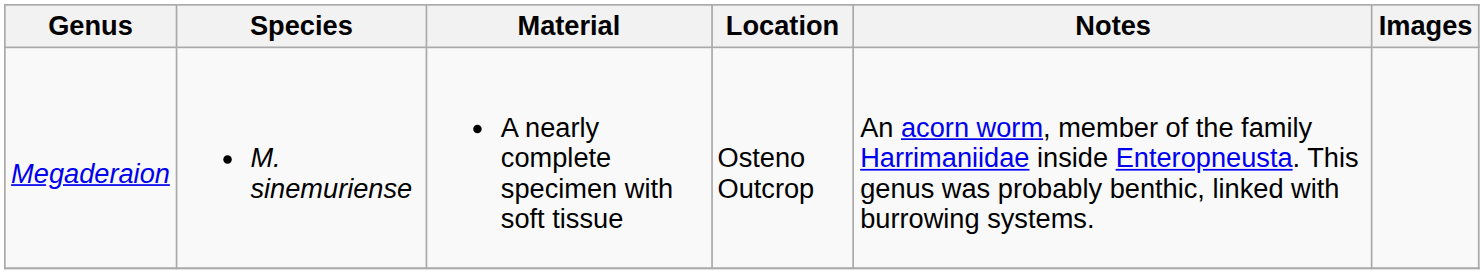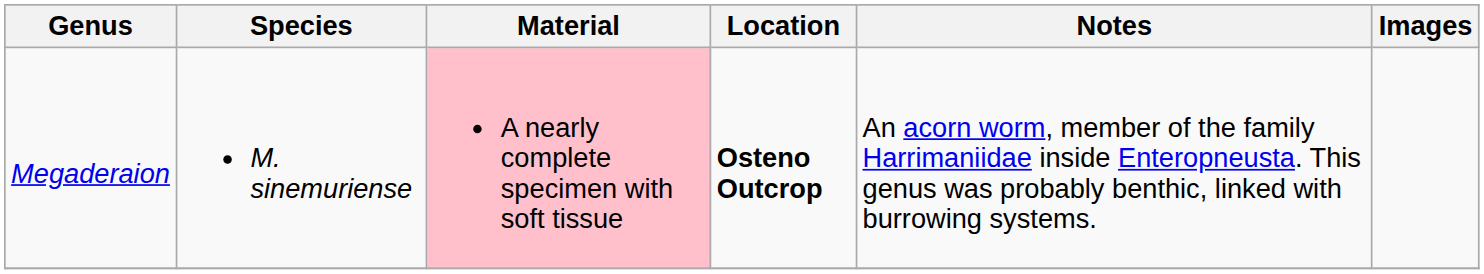 <table class="wikitable" align="center">
 <tr>
 <th>Genus</th>
 <th>Species</th>
 <th>Material</th>
 <th>Location</th>
 <th>Notes</th>
 <th>Images</th>
 </tr>
 <tr>
 <td><br><em><a href='#'>Megaderaion</a></em></td>
 <td><br><ul><li><em>M. sinemuriense</em></li></ul></td>
-<td><br><ul><li>A nearly complete specimen with soft tissue</li></ul></td>
-<td><br>Osteno Outcrop</td>
+<td style="background: pink;"><br><ul><li>A nearly complete specimen with soft tissue</li></ul></td>
+<td><strong><br>Osteno Outcrop</strong></td>
 <td><br>An <a href='#'>acorn worm</a>, member of the family <a href='#'>Harrimaniidae</a> inside <a href='#'>Enteropneusta</a>. This genus was probably benthic, linked with burrowing systems.</td>
 <td></td>
 </tr>
 <tr>
 </tr>
 </table>
